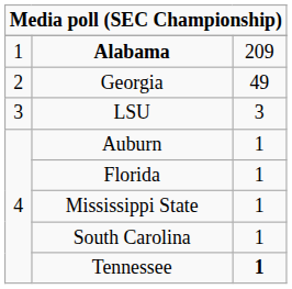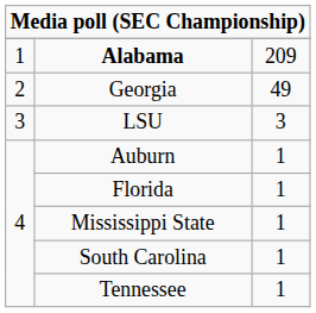 <table class="wikitable">
 <tr align="center">
 <td align="center" Colspan="3"><strong>Media poll (SEC Championship)</strong></td>
 </tr>
 <tr align="center">
 </tr>
 <tr align="center">
 <td>1</td>
 <td><strong>Alabama</strong></td>
 <td>209</td>
 </tr>
 <tr align="center">
 <td>2</td>
 <td>Georgia</td>
 <td>49</td>
 </tr>
 <tr align="center">
 <td>3</td>
 <td>LSU</td>
 <td>3</td>
 </tr>
 <tr align="center">
 <td rowspan="5">4</td>
 <td>Auburn</td>
 <td>1</td>
 </tr>
 <tr align="center">
 <td>Florida</td>
 <td>1</td>
 </tr>
 <tr align="center">
 <td>Mississippi State</td>
 <td>1</td>
 </tr>
 <tr align="center">
 <td>South Carolina</td>
 <td>1</td>
 </tr>
 <tr align="center">
 <td>Tennessee</td>
-<td><strong>1</strong></td>
+<td>1</td>
 </tr>
 </table>
